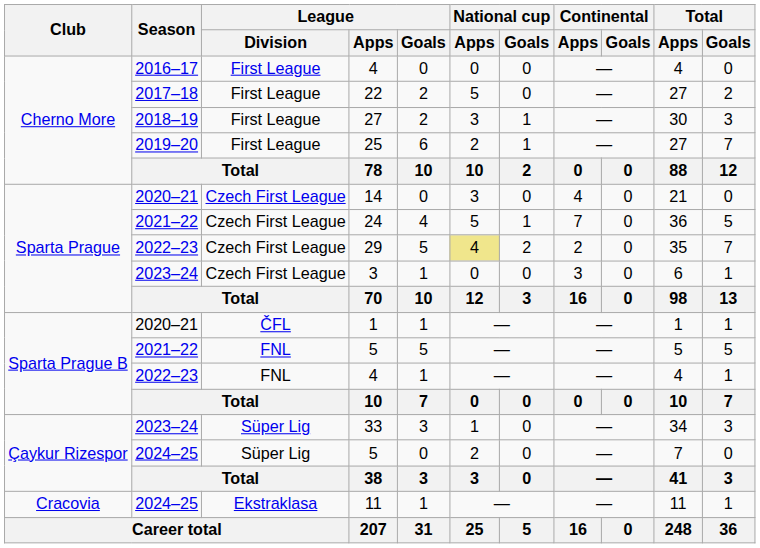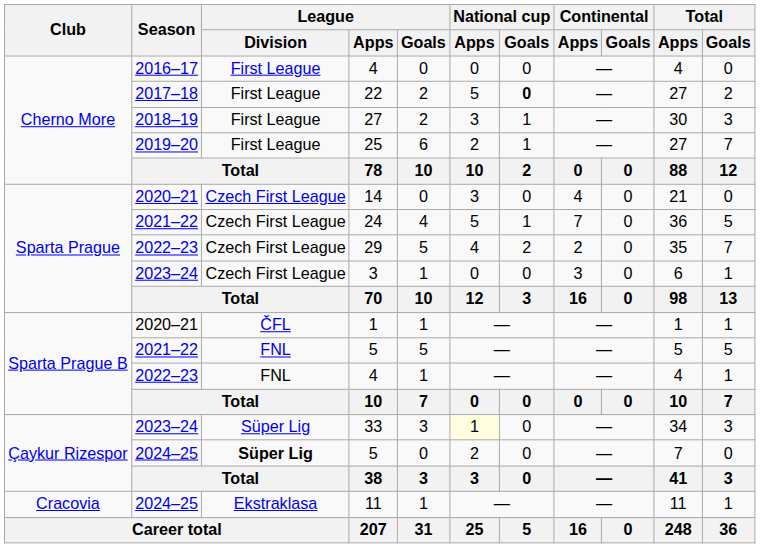 <table class="wikitable" style="text-align:center">
 <tr>
 <th rowspan="2">Club</th>
 <th rowspan="2">Season</th>
 <th colspan="3">League</th>
 <th colspan="2">National cup</th>
 <th colspan="2">Continental</th>
 <th colspan="2">Total</th>
 </tr>
 <tr>
 <th>Division</th>
 <th>Apps</th>
 <th>Goals</th>
 <th>Apps</th>
 <th>Goals</th>
 <th>Apps</th>
 <th>Goals</th>
 <th>Apps</th>
 <th>Goals</th>
 </tr>
 <tr>
 <td rowspan="5"><a href='#'>Cherno More</a></td>
 <td><a href='#'>2016–17</a></td>
 <td><a href='#'>First League</a></td>
 <td>4</td>
 <td>0</td>
 <td>0</td>
 <td>0</td>
 <td colspan="2">—</td>
 <td>4</td>
 <td>0</td>
 </tr>
 <tr>
 <td><a href='#'>2017–18</a></td>
 <td>First League</td>
 <td>22</td>
 <td>2</td>
 <td>5</td>
-<td>0</td>
+<td><strong>0</strong></td>
 <td colspan="2">—</td>
 <td>27</td>
 <td>2</td>
 </tr>
 <tr>
 <td><a href='#'>2018–19</a></td>
 <td>First League</td>
 <td>27</td>
 <td>2</td>
 <td>3</td>
 <td>1</td>
 <td colspan="2">—</td>
 <td>30</td>
 <td>3</td>
 </tr>
 <tr>
 <td><a href='#'>2019–20</a></td>
 <td>First League</td>
 <td>25</td>
 <td>6</td>
 <td>2</td>
 <td>1</td>
 <td colspan="2">—</td>
 <td>27</td>
 <td>7</td>
 </tr>
 <tr>
 <th colspan=2>Total</th>
 <th>78</th>
 <th>10</th>
 <th>10</th>
 <th>2</th>
 <th>0</th>
 <th>0</th>
 <th>88</th>
 <th>12</th>
 </tr>
 <tr>
 <td rowspan="5"><a href='#'>Sparta Prague</a></td>
 <td><a href='#'>2020–21</a></td>
 <td><a href='#'>Czech First League</a></td>
 <td>14</td>
 <td>0</td>
 <td>3</td>
 <td>0</td>
 <td>4</td>
 <td>0</td>
 <td>21</td>
 <td>0</td>
 </tr>
 <tr>
 <td><a href='#'>2021–22</a></td>
 <td>Czech First League</td>
 <td>24</td>
 <td>4</td>
 <td>5</td>
 <td>1</td>
 <td>7</td>
 <td>0</td>
 <td>36</td>
 <td>5</td>
 </tr>
 <tr>
 <td><a href='#'>2022–23</a></td>
 <td>Czech First League</td>
 <td>29</td>
 <td>5</td>
-<td style="background: khaki;">4</td>
+<td>4</td>
 <td>2</td>
 <td>2</td>
 <td>0</td>
 <td>35</td>
 <td>7</td>
 </tr>
 <tr>
 <td><a href='#'>2023–24</a></td>
 <td>Czech First League</td>
 <td>3</td>
 <td>1</td>
 <td>0</td>
 <td>0</td>
 <td>3</td>
 <td>0</td>
 <td>6</td>
 <td>1</td>
 </tr>
 <tr>
 <th colspan=2>Total</th>
 <th>70</th>
 <th>10</th>
 <th>12</th>
 <th>3</th>
 <th>16</th>
 <th>0</th>
 <th>98</th>
 <th>13</th>
 </tr>
 <tr>
 <td rowspan="4"><a href='#'>Sparta Prague B</a></td>
 <td>2020–21</td>
 <td rowspan="1"><a href='#'>ČFL</a></td>
 <td>1</td>
 <td>1</td>
 <td colspan="2">—</td>
 <td colspan="2">—</td>
 <td>1</td>
 <td>1</td>
 </tr>
 <tr>
 <td><a href='#'>2021–22</a></td>
 <td><a href='#'>FNL</a></td>
 <td>5</td>
 <td>5</td>
 <td colspan="2">—</td>
 <td colspan="2">—</td>
 <td>5</td>
 <td>5</td>
 </tr>
 <tr>
 <td><a href='#'>2022–23</a></td>
 <td>FNL</td>
 <td>4</td>
 <td>1</td>
 <td colspan="2">—</td>
 <td colspan="2">—</td>
 <td>4</td>
 <td>1</td>
 </tr>
 <tr>
 <th colspan=2>Total</th>
 <th>10</th>
 <th>7</th>
 <th>0</th>
 <th>0</th>
 <th>0</th>
 <th>0</th>
 <th>10</th>
 <th>7</th>
 </tr>
 <tr>
 <td rowspan="3"><a href='#'>Çaykur Rizespor</a></td>
 <td><a href='#'>2023–24</a></td>
 <td><a href='#'>Süper Lig</a></td>
 <td>33</td>
 <td>3</td>
-<td>1</td>
+<td style="background: lightyellow;">1</td>
 <td>0</td>
 <td colspan="2">—</td>
 <td>34</td>
 <td>3</td>
 </tr>
 <tr>
 <td><a href='#'>2024–25</a></td>
-<td>Süper Lig</td>
+<td><strong>Süper Lig</strong></td>
 <td>5</td>
 <td>0</td>
 <td>2</td>
 <td>0</td>
 <td colspan="2">—</td>
 <td>7</td>
 <td>0</td>
 </tr>
 <tr>
 <th colspan="2">Total</th>
 <th>38</th>
 <th>3</th>
 <th>3</th>
 <th>0</th>
 <th colspan="2">—</th>
 <th>41</th>
 <th>3</th>
 </tr>
 <tr>
 <td><a href='#'>Cracovia</a></td>
 <td><a href='#'>2024–25</a></td>
 <td><a href='#'>Ekstraklasa</a></td>
 <td>11</td>
 <td>1</td>
 <td colspan="2">—</td>
 <td colspan="2">—</td>
 <td>11</td>
 <td>1</td>
 </tr>
 <tr>
 <th colspan="3">Career total</th>
 <th>207</th>
 <th>31</th>
 <th>25</th>
 <th>5</th>
 <th>16</th>
 <th>0</th>
 <th>248</th>
 <th>36</th>
 </tr>
 </table>
